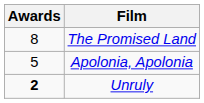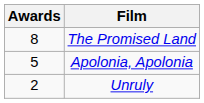 <table class="wikitable plainrowheaders" rowspan=2 style="text-align: center;" border="2" background: #f6e39c;>
 <tr>
 <th scope="col" style="width:55px;">Awards</th>
 <th scope="col" style="text-align:center;">Film</th>
 </tr>
 <tr>
 <td>8</td>
 <td><em><a href='#'>The Promised Land</a></em></td>
 </tr>
 <tr>
 <td>5</td>
 <td><em><a href='#'>Apolonia, Apolonia</a></em></td>
 </tr>
 <tr>
-<td><strong>2</strong></td>
+<td>2</td>
 <td><em><a href='#'>Unruly</a></em></td>
 </tr>
 </table>
